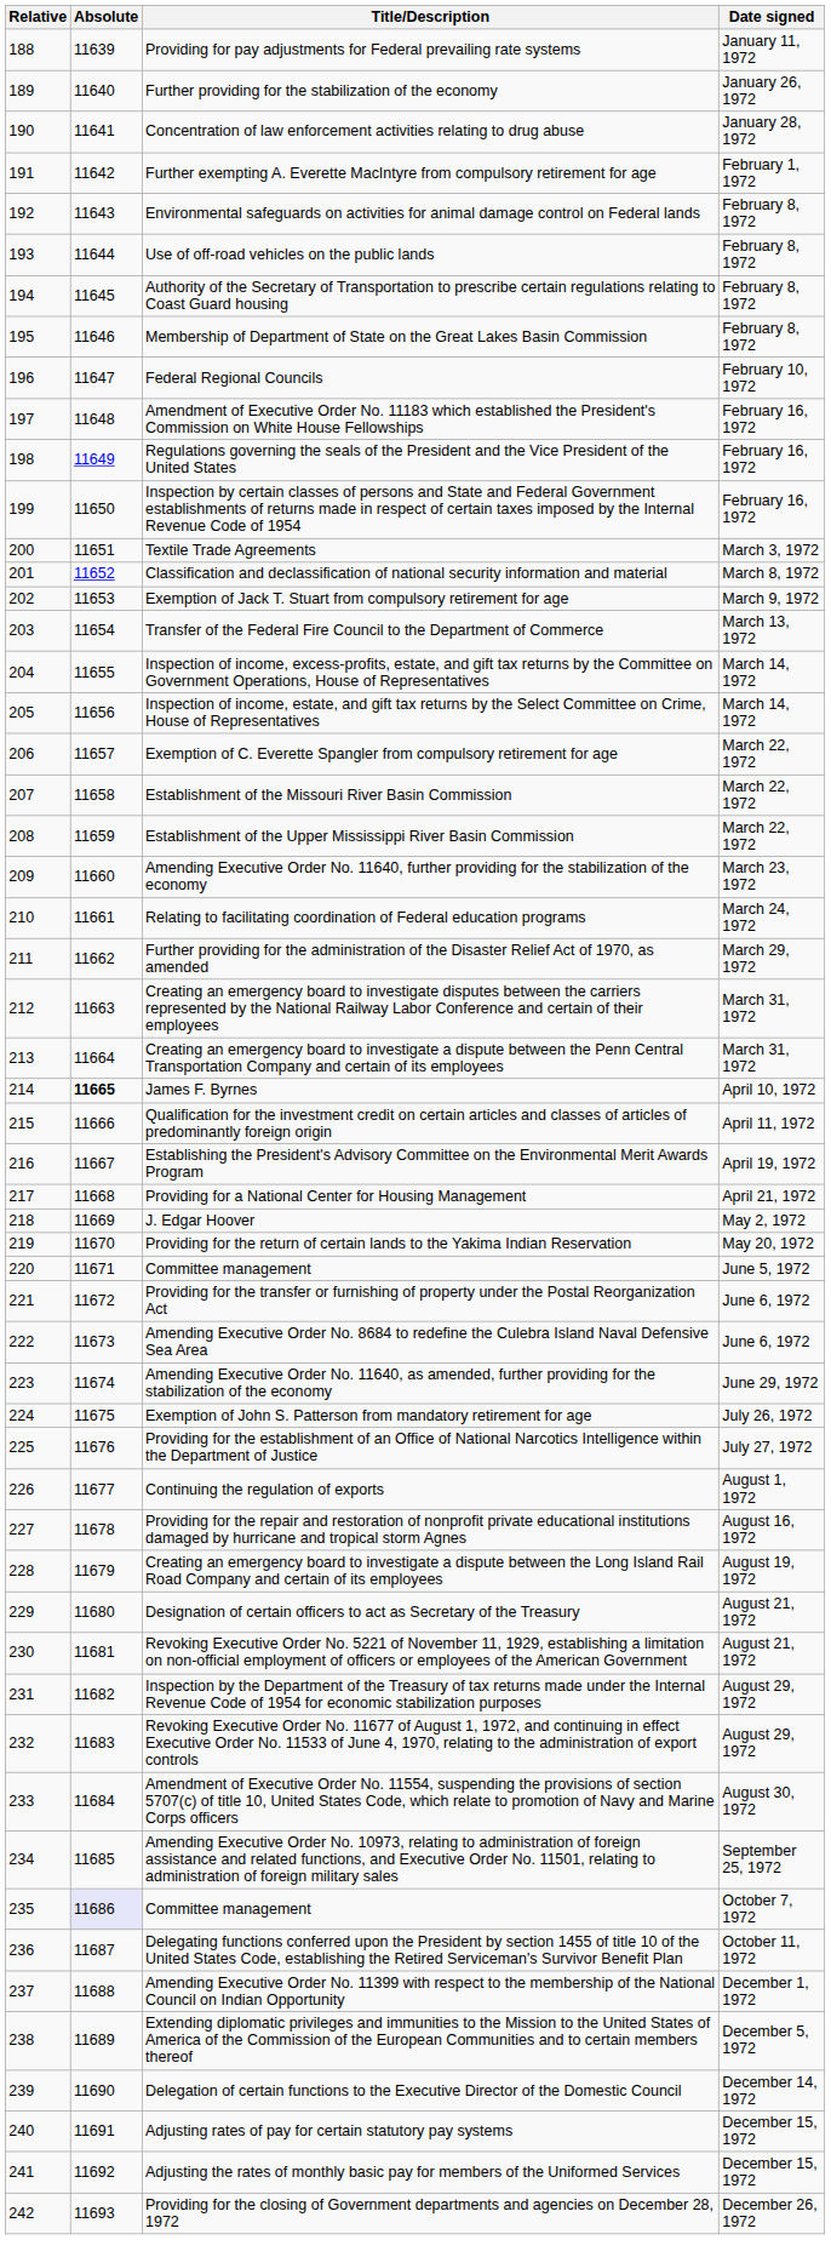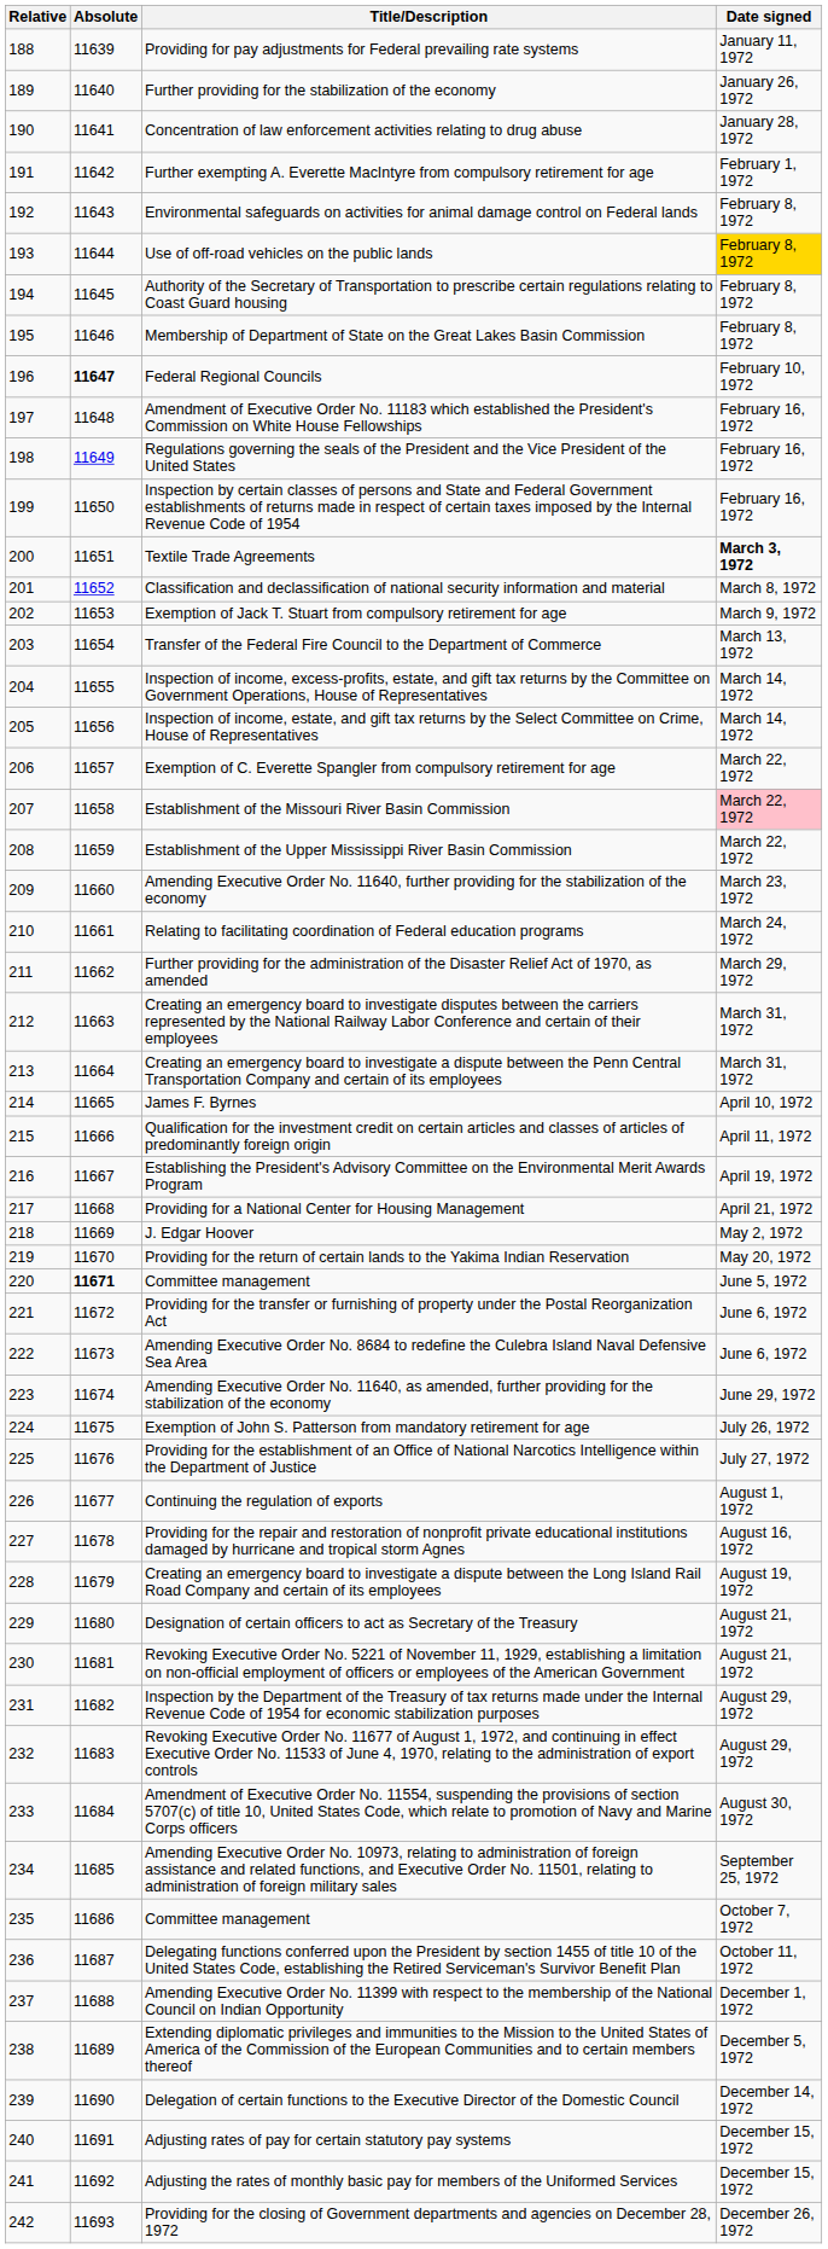 <table class="wikitable">
 <tr>
 <th>Relative </th>
 <th>Absolute </th>
 <th>Title/Description</th>
 <th>Date signed</th>
 </tr>
 <tr>
 <td>188</td>
 <td>11639</td>
 <td>Providing for pay adjustments for Federal prevailing rate systems</td>
 <td>January 11, 1972</td>
 </tr>
 <tr>
 <td>189</td>
 <td>11640</td>
 <td>Further providing for the stabilization of the economy</td>
 <td>January 26, 1972</td>
 </tr>
 <tr>
 <td>190</td>
 <td>11641</td>
 <td>Concentration of law enforcement activities relating to drug abuse</td>
 <td>January 28, 1972</td>
 </tr>
 <tr>
 <td>191</td>
 <td>11642</td>
 <td>Further exempting A. Everette MacIntyre from compulsory retirement for age</td>
 <td>February 1, 1972</td>
 </tr>
 <tr>
 <td>192</td>
 <td>11643</td>
 <td>Environmental safeguards on activities for animal damage control on Federal lands</td>
 <td>February 8, 1972</td>
 </tr>
 <tr>
 <td>193</td>
 <td>11644</td>
 <td>Use of off-road vehicles on the public lands</td>
-<td>February 8, 1972</td>
+<td style="background: gold;">February 8, 1972</td>
 </tr>
 <tr>
 <td>194</td>
 <td>11645</td>
 <td>Authority of the Secretary of Transportation to prescribe certain regulations relating to Coast Guard housing</td>
 <td>February 8, 1972</td>
 </tr>
 <tr>
 <td>195</td>
 <td>11646</td>
 <td>Membership of Department of State on the Great Lakes Basin Commission</td>
 <td>February 8, 1972</td>
 </tr>
 <tr>
 <td>196</td>
-<td>11647</td>
+<td><strong>11647</strong></td>
 <td>Federal Regional Councils</td>
 <td>February 10, 1972</td>
 </tr>
 <tr>
 <td>197</td>
 <td>11648</td>
 <td>Amendment of Executive Order No. 11183 which established the President's Commission on White House Fellowships</td>
 <td>February 16, 1972</td>
 </tr>
 <tr>
 <td>198</td>
 <td><a href='#'>11649</a></td>
 <td>Regulations governing the seals of the President and the Vice President of the United States</td>
 <td>February 16, 1972</td>
 </tr>
 <tr>
 <td>199</td>
 <td>11650</td>
 <td>Inspection by certain classes of persons and State and Federal Government establishments of returns made in respect of certain taxes imposed by the Internal Revenue Code of 1954</td>
 <td>February 16, 1972</td>
 </tr>
 <tr>
 <td>200</td>
 <td>11651</td>
 <td>Textile Trade Agreements</td>
-<td>March 3, 1972</td>
+<td><strong>March 3, 1972</strong></td>
 </tr>
 <tr>
 <td>201</td>
 <td><a href='#'>11652</a></td>
 <td>Classification and declassification of national security information and material</td>
 <td>March 8, 1972</td>
 </tr>
 <tr>
 <td>202</td>
 <td>11653</td>
 <td>Exemption of Jack T. Stuart from compulsory retirement for age</td>
 <td>March 9, 1972</td>
 </tr>
 <tr>
 <td>203</td>
 <td>11654</td>
 <td>Transfer of the Federal Fire Council to the Department of Commerce</td>
 <td>March 13, 1972</td>
 </tr>
 <tr>
 <td>204</td>
 <td>11655</td>
 <td>Inspection of income, excess-profits, estate, and gift tax returns by the Committee on Government Operations, House of Representatives</td>
 <td>March 14, 1972</td>
 </tr>
 <tr>
 <td>205</td>
 <td>11656</td>
 <td>Inspection of income, estate, and gift tax returns by the Select Committee on Crime, House of Representatives</td>
 <td>March 14, 1972</td>
 </tr>
 <tr>
 <td>206</td>
 <td>11657</td>
 <td>Exemption of C. Everette Spangler from compulsory retirement for age</td>
 <td>March 22, 1972</td>
 </tr>
 <tr>
 <td>207</td>
 <td>11658</td>
 <td>Establishment of the Missouri River Basin Commission</td>
-<td>March 22, 1972</td>
+<td style="background: pink;">March 22, 1972</td>
 </tr>
 <tr>
 <td>208</td>
 <td>11659</td>
 <td>Establishment of the Upper Mississippi River Basin Commission</td>
 <td>March 22, 1972</td>
 </tr>
 <tr>
 <td>209</td>
 <td>11660</td>
 <td>Amending Executive Order No. 11640, further providing for the stabilization of the economy</td>
 <td>March 23, 1972</td>
 </tr>
 <tr>
 <td>210</td>
 <td>11661</td>
 <td>Relating to facilitating coordination of Federal education programs</td>
 <td>March 24, 1972</td>
 </tr>
 <tr>
 <td>211</td>
 <td>11662</td>
 <td>Further providing for the administration of the Disaster Relief Act of 1970, as amended</td>
 <td>March 29, 1972</td>
 </tr>
 <tr>
 <td>212</td>
 <td>11663</td>
 <td>Creating an emergency board to investigate disputes between the carriers represented by the National Railway Labor Conference and certain of their employees</td>
 <td>March 31, 1972</td>
 </tr>
 <tr>
 <td>213</td>
 <td>11664</td>
 <td>Creating an emergency board to investigate a dispute between the Penn Central Transportation Company and certain of its employees</td>
 <td>March 31, 1972</td>
 </tr>
 <tr>
 <td>214</td>
-<td><strong>11665</strong></td>
+<td>11665</td>
 <td>James F. Byrnes</td>
 <td>April 10, 1972</td>
 </tr>
 <tr>
 <td>215</td>
 <td>11666</td>
 <td>Qualification for the investment credit on certain articles and classes of articles of predominantly foreign origin</td>
 <td>April 11, 1972</td>
 </tr>
 <tr>
 <td>216</td>
 <td>11667</td>
 <td>Establishing the President's Advisory Committee on the Environmental Merit Awards Program</td>
 <td>April 19, 1972</td>
 </tr>
 <tr>
 <td>217</td>
 <td>11668</td>
 <td>Providing for a National Center for Housing Management</td>
 <td>April 21, 1972</td>
 </tr>
 <tr>
 <td>218</td>
 <td>11669</td>
 <td>J. Edgar Hoover</td>
 <td>May 2, 1972</td>
 </tr>
 <tr>
 <td>219</td>
 <td>11670</td>
 <td>Providing for the return of certain lands to the Yakima Indian Reservation</td>
 <td>May 20, 1972</td>
 </tr>
 <tr>
 <td>220</td>
-<td>11671</td>
+<td><strong>11671</strong></td>
 <td>Committee management</td>
 <td>June 5, 1972</td>
 </tr>
 <tr>
 <td>221</td>
 <td>11672</td>
 <td>Providing for the transfer or furnishing of property under the Postal Reorganization Act</td>
 <td>June 6, 1972</td>
 </tr>
 <tr>
 <td>222</td>
 <td>11673</td>
 <td>Amending Executive Order No. 8684 to redefine the Culebra Island Naval Defensive Sea Area</td>
 <td>June 6, 1972</td>
 </tr>
 <tr>
 <td>223</td>
 <td>11674</td>
 <td>Amending Executive Order No. 11640, as amended, further providing for the stabilization of the economy</td>
 <td>June 29, 1972</td>
 </tr>
 <tr>
 <td>224</td>
 <td>11675</td>
 <td>Exemption of John S. Patterson from mandatory retirement for age</td>
 <td>July 26, 1972</td>
 </tr>
 <tr>
 <td>225</td>
 <td>11676</td>
 <td>Providing for the establishment of an Office of National Narcotics Intelligence within the Department of Justice</td>
 <td>July 27, 1972</td>
 </tr>
 <tr>
 <td>226</td>
 <td>11677</td>
 <td>Continuing the regulation of exports</td>
 <td>August 1, 1972</td>
 </tr>
 <tr>
 <td>227</td>
 <td>11678</td>
 <td>Providing for the repair and restoration of nonprofit private educational institutions damaged by hurricane and tropical storm Agnes</td>
 <td>August 16, 1972</td>
 </tr>
 <tr>
 <td>228</td>
 <td>11679</td>
 <td>Creating an emergency board to investigate a dispute between the Long Island Rail Road Company and certain of its employees</td>
 <td>August 19, 1972</td>
 </tr>
 <tr>
 <td>229</td>
 <td>11680</td>
 <td>Designation of certain officers to act as Secretary of the Treasury</td>
 <td>August 21, 1972</td>
 </tr>
 <tr>
 <td>230</td>
 <td>11681</td>
 <td>Revoking Executive Order No. 5221 of November 11, 1929, establishing a limitation on non-official employment of officers or employees of the American Government</td>
 <td>August 21, 1972</td>
 </tr>
 <tr>
 <td>231</td>
 <td>11682</td>
 <td>Inspection by the Department of the Treasury of tax returns made under the Internal Revenue Code of 1954 for economic stabilization purposes</td>
 <td>August 29, 1972</td>
 </tr>
 <tr>
 <td>232</td>
 <td>11683</td>
 <td>Revoking Executive Order No. 11677 of August 1, 1972, and continuing in effect Executive Order No. 11533 of June 4, 1970, relating to the administration of export controls</td>
 <td>August 29, 1972</td>
 </tr>
 <tr>
 <td>233</td>
 <td>11684</td>
 <td>Amendment of Executive Order No. 11554, suspending the provisions of section 5707(c) of title 10, United States Code, which relate to promotion of Navy and Marine Corps officers</td>
 <td>August 30, 1972</td>
 </tr>
 <tr>
 <td>234</td>
 <td>11685</td>
 <td>Amending Executive Order No. 10973, relating to administration of foreign assistance and related functions, and Executive Order No. 11501, relating to administration of foreign military sales</td>
 <td>September 25, 1972</td>
 </tr>
 <tr>
 <td>235</td>
-<td style="background: lavender;">11686</td>
+<td>11686</td>
 <td>Committee management</td>
 <td>October 7, 1972</td>
 </tr>
 <tr>
 <td>236</td>
 <td>11687</td>
 <td>Delegating functions conferred upon the President by section 1455 of title 10 of the United States Code, establishing the Retired Serviceman's Survivor Benefit Plan</td>
 <td>October 11, 1972</td>
 </tr>
 <tr>
 <td>237</td>
 <td>11688</td>
 <td>Amending Executive Order No. 11399 with respect to the membership of the National Council on Indian Opportunity</td>
 <td>December 1, 1972</td>
 </tr>
 <tr>
 <td>238</td>
 <td>11689</td>
 <td>Extending diplomatic privileges and immunities to the Mission to the United States of America of the Commission of the European Communities and to certain members thereof</td>
 <td>December 5, 1972</td>
 </tr>
 <tr>
 <td>239</td>
 <td>11690</td>
 <td>Delegation of certain functions to the Executive Director of the Domestic Council</td>
 <td>December 14, 1972</td>
 </tr>
 <tr>
 <td>240</td>
 <td>11691</td>
 <td>Adjusting rates of pay for certain statutory pay systems</td>
 <td>December 15, 1972</td>
 </tr>
 <tr>
 <td>241</td>
 <td>11692</td>
 <td>Adjusting the rates of monthly basic pay for members of the Uniformed Services</td>
 <td>December 15, 1972</td>
 </tr>
 <tr>
 <td>242</td>
 <td>11693</td>
 <td>Providing for the closing of Government departments and agencies on December 28, 1972</td>
 <td>December 26, 1972</td>
 </tr>
 </table>
